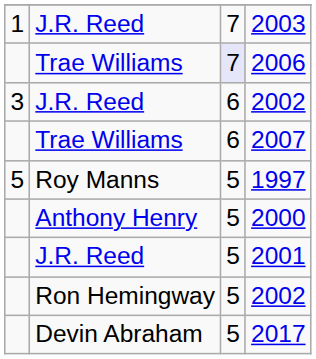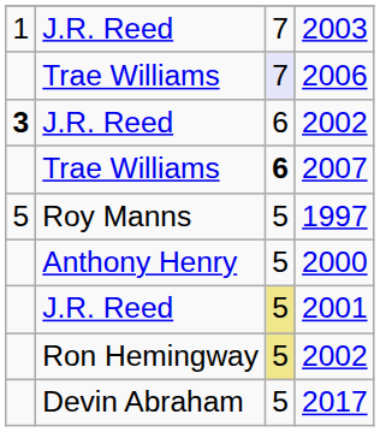 <table class="wikitable">
 <tr>
 </tr>
 <tr>
 <td>1</td>
 <td><a href='#'>J.R. Reed</a></td>
 <td>7</td>
 <td><a href='#'>2003</a></td>
 </tr>
 <tr>
 <td></td>
 <td><a href='#'>Trae Williams</a></td>
 <td style="background: lavender;">7</td>
 <td><a href='#'>2006</a></td>
 </tr>
 <tr>
-<td>3</td>
+<td><strong>3</strong></td>
 <td><a href='#'>J.R. Reed</a></td>
 <td>6</td>
 <td><a href='#'>2002</a></td>
 </tr>
 <tr>
 <td></td>
 <td><a href='#'>Trae Williams</a></td>
-<td>6</td>
+<td><strong>6</strong></td>
 <td><a href='#'>2007</a></td>
 </tr>
 <tr>
 <td>5</td>
 <td>Roy Manns</td>
 <td>5</td>
 <td><a href='#'>1997</a></td>
 </tr>
 <tr>
 <td></td>
 <td><a href='#'>Anthony Henry</a></td>
 <td>5</td>
 <td><a href='#'>2000</a></td>
 </tr>
 <tr>
 <td></td>
 <td><a href='#'>J.R. Reed</a></td>
-<td>5</td>
+<td style="background: khaki;">5</td>
 <td><a href='#'>2001</a></td>
 </tr>
 <tr>
 <td></td>
 <td>Ron Hemingway</td>
-<td>5</td>
+<td style="background: khaki;">5</td>
 <td><a href='#'>2002</a></td>
 </tr>
 <tr>
 <td></td>
 <td>Devin Abraham</td>
 <td>5</td>
 <td><a href='#'>2017</a></td>
 </tr>
 </table>
